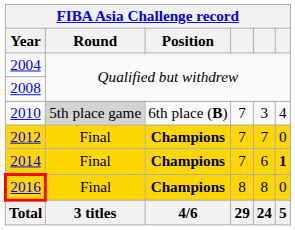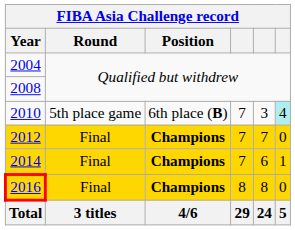 <table class="wikitable" style="text-align: center;">
 <tr>
 <th colspan=10><a href='#'>FIBA Asia Challenge record</a></th>
 </tr>
 <tr>
 <th>Year</th>
 <th>Round</th>
 <th>Position</th>
 <th></th>
 <th></th>
 <th></th>
 </tr>
 <tr>
 <td> <a href='#'>2004</a></td>
 <td colspan=5 rowspan=2><em>Qualified but withdrew</em></td>
 </tr>
 <tr>
 <td> <a href='#'>2008</a></td>
 </tr>
 <tr>
 <td> <a href='#'>2010</a></td>
-<td style="background: lightgrey;">5th place game</td>
+<td>5th place game</td>
 <td>6th place (<strong>B</strong>)</td>
 <td>7</td>
 <td>3</td>
-<td>4</td>
+<td style="background: paleturquoise;">4</td>
 </tr>
 <tr bgcolor=gold>
 <td> <a href='#'>2012</a></td>
 <td>Final</td>
 <td><strong>Champions</strong></td>
 <td>7</td>
 <td>7</td>
 <td>0</td>
 </tr>
 <tr bgcolor=gold>
 <td> <a href='#'>2014</a></td>
 <td>Final</td>
 <td><strong>Champions</strong></td>
 <td>7</td>
 <td>6</td>
-<td><strong>1</strong></td>
+<td>1</td>
 </tr>
 <tr bgcolor=gold>
 <td style="border: 3px solid red"> <a href='#'>2016</a></td>
 <td>Final</td>
 <td><strong>Champions</strong></td>
 <td>8</td>
 <td>8</td>
 <td>0</td>
 </tr>
 <tr>
 <th>Total</th>
 <th>3 titles</th>
 <th>4/6</th>
 <th>29</th>
 <th>24</th>
 <th>5</th>
 </tr>
 </table>
